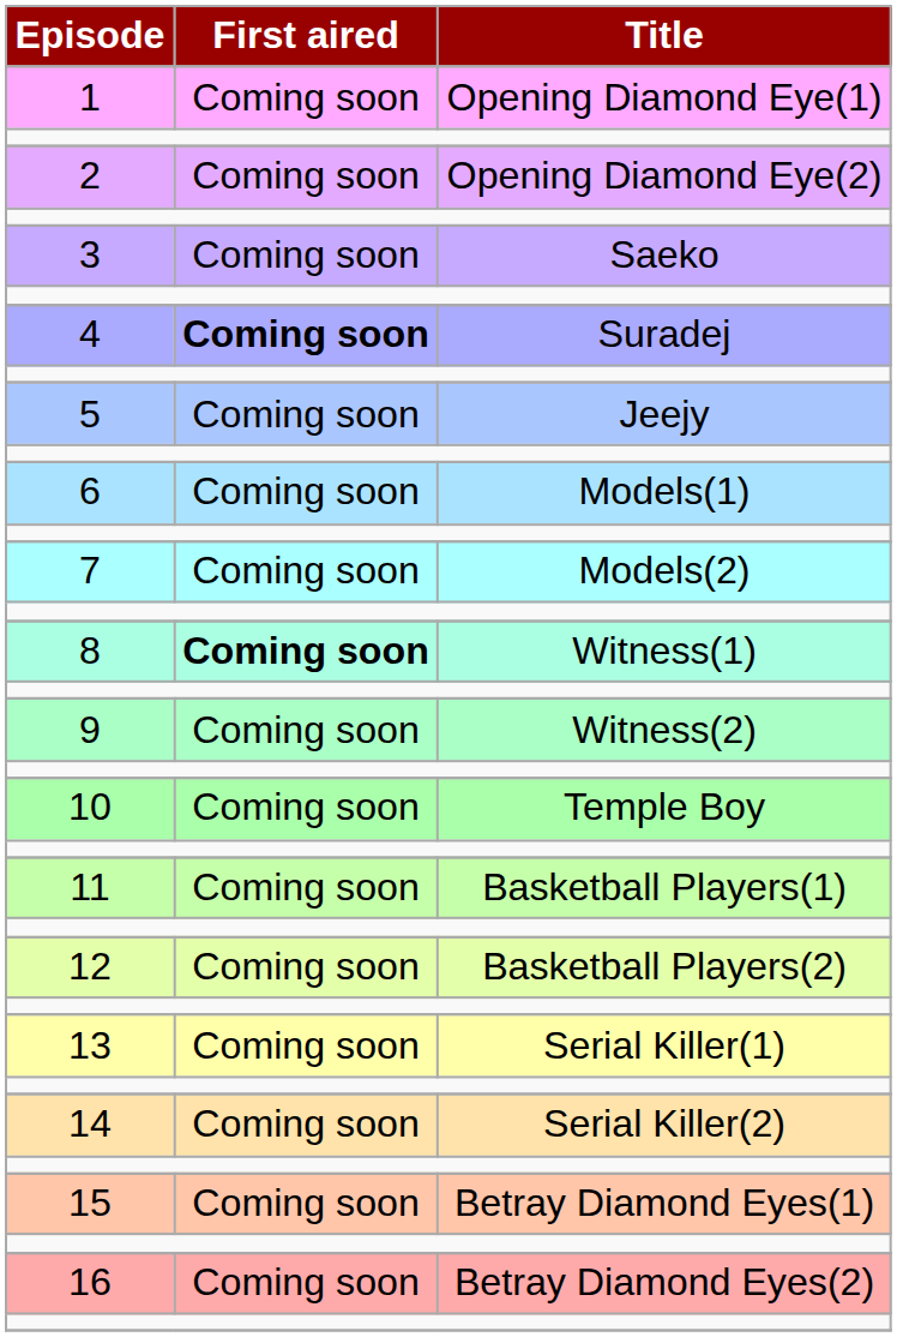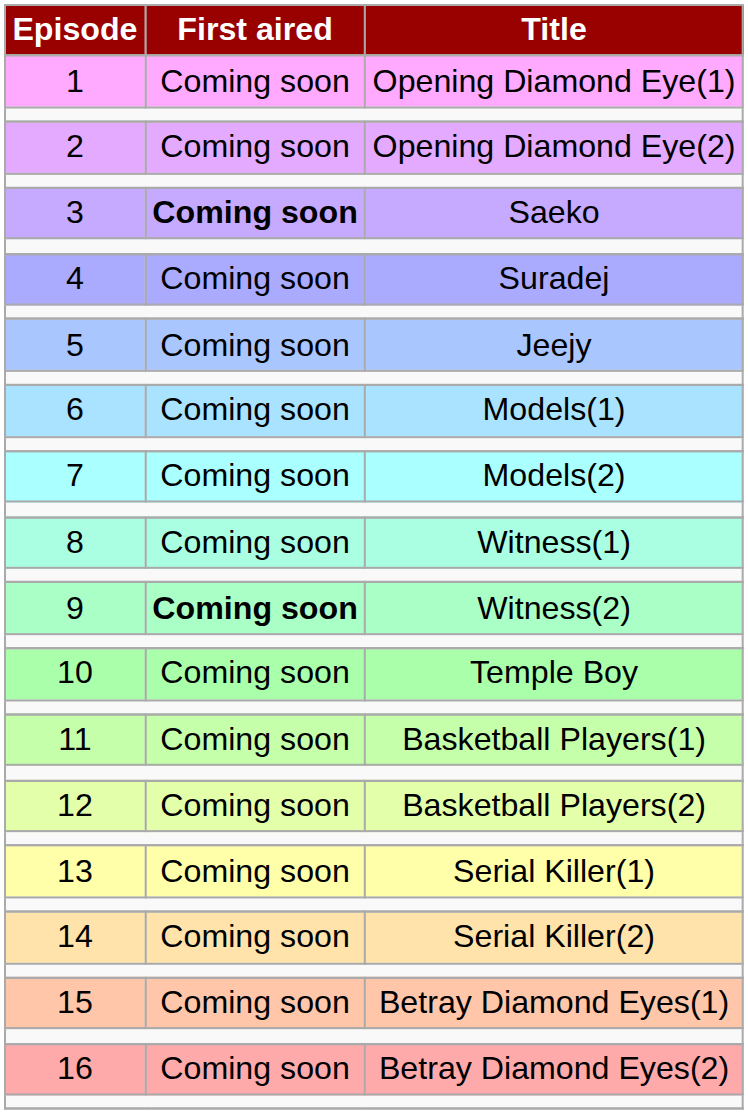 <table class="wikitable plainrowheaders">
 <tr style="color:white">
 <th style="background: #990000;">Episode</th>
 <th style="background: #990000">First aired</th>
 <th style="background: #990000">Title</th>
 </tr>
 <tr>
 </tr>
 <tr align=center bgcolor=#FFAAFF>
 <td>1</td>
 <td>Coming soon</td>
 <td>Opening Diamond Eye(1)</td>
 </tr>
 <tr>
 <td colspan = "3" style="text-align:left"></td>
 </tr>
 <tr>
 </tr>
 <tr align=center bgcolor=#E3AAFF>
 <td>2</td>
 <td>Coming soon</td>
 <td>Opening Diamond Eye(2)</td>
 </tr>
 <tr>
 <td colspan = "3" style="text-align:left"></td>
 </tr>
 <tr>
 </tr>
 <tr align=center bgcolor=#C6AAFF>
 <td>3</td>
-<td>Coming soon</td>
+<td><strong>Coming soon</strong></td>
 <td>Saeko</td>
 </tr>
 <tr>
 <td colspan = "3" style="text-align:left"></td>
 </tr>
 <tr>
 </tr>
 <tr align=center bgcolor=#AAAAFF>
 <td>4</td>
-<td><strong>Coming soon</strong></td>
+<td>Coming soon</td>
 <td>Suradej</td>
 </tr>
 <tr>
 <td colspan = "3" style="text-align:left"></td>
 </tr>
 <tr>
 </tr>
 <tr align=center bgcolor=#AAC6FF>
 <td>5</td>
 <td>Coming soon</td>
 <td>Jeejy</td>
 </tr>
 <tr>
 <td colspan = "3" style="text-align:left"></td>
 </tr>
 <tr>
 </tr>
 <tr align=center bgcolor=#AAE3FF>
 <td>6</td>
 <td>Coming soon</td>
 <td>Models(1)</td>
 </tr>
 <tr>
 <td colspan = "3" style="text-align:left"></td>
 </tr>
 <tr>
 </tr>
 <tr align=center bgcolor=#AAFFFF>
 <td>7</td>
 <td>Coming soon</td>
 <td>Models(2)</td>
 </tr>
 <tr>
 <td colspan = "3" style="text-align:left"></td>
 </tr>
 <tr>
 </tr>
 <tr align=center bgcolor=#AAFFE3>
 <td>8</td>
-<td><strong>Coming soon</strong></td>
+<td>Coming soon</td>
 <td>Witness(1)</td>
 </tr>
 <tr>
 <td colspan = "3" style="text-align:left"></td>
 </tr>
 <tr>
 </tr>
 <tr align=center bgcolor=#AAFFC6>
 <td>9</td>
-<td>Coming soon</td>
+<td><strong>Coming soon</strong></td>
 <td>Witness(2)</td>
 </tr>
 <tr>
 <td colspan = "3" style="text-align:left"></td>
 </tr>
 <tr>
 </tr>
 <tr align=center bgcolor=#AAFFAA>
 <td>10</td>
 <td>Coming soon</td>
 <td>Temple Boy</td>
 </tr>
 <tr>
 <td colspan = "3" style="text-align:left"></td>
 </tr>
 <tr>
 </tr>
 <tr align=center bgcolor=#C6FFAA>
 <td>11</td>
 <td>Coming soon</td>
 <td>Basketball Players(1)</td>
 </tr>
 <tr>
 <td colspan = "3" style="text-align:left"></td>
 </tr>
 <tr>
 </tr>
 <tr align=center bgcolor=#E3FFAA>
 <td>12</td>
 <td>Coming soon</td>
 <td>Basketball Players(2)</td>
 </tr>
 <tr>
 <td colspan = "3" style="text-align:left"></td>
 </tr>
 <tr>
 </tr>
 <tr align=center bgcolor=#FFFFAA>
 <td>13</td>
 <td>Coming soon</td>
 <td>Serial Killer(1)</td>
 </tr>
 <tr>
 <td colspan = "3" style="text-align:left"></td>
 </tr>
 <tr>
 </tr>
 <tr align=center bgcolor=#FFE3AA>
 <td>14</td>
 <td>Coming soon</td>
 <td>Serial Killer(2)</td>
 </tr>
 <tr>
 <td colspan = "3" style="text-align:left"></td>
 </tr>
 <tr>
 </tr>
 <tr align=center bgcolor=#FFC6AA>
 <td>15</td>
 <td>Coming soon</td>
 <td>Betray Diamond Eyes(1)</td>
 </tr>
 <tr>
 <td colspan = "3" style="text-align:left"></td>
 </tr>
 <tr>
 </tr>
 <tr align=center bgcolor=#FFAAAA>
 <td>16</td>
 <td>Coming soon</td>
 <td>Betray Diamond Eyes(2)</td>
 </tr>
 <tr>
 <td colspan = "3" style="text-align:left"></td>
 </tr>
 <tr>
 </tr>
 </table>
